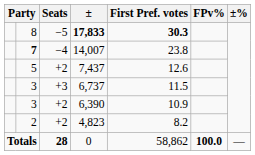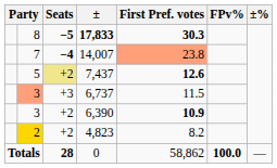 <table class=wikitable>
 <tr>
 <th colspan=2 align=center>Party</th>
 <th valign=top>Seats</th>
 <th valign=top>±</th>
 <th valign=top>First Pref. votes</th>
 <th valign=top>FPv%</th>
 <th valign=top>±%</th>
 </tr>
 <tr>
 <td></td>
 <td align=right>8</td>
-<td align=right>−5</td>
+<td align=right><strong>−5</strong></td>
 <td align=right><strong>17,833</strong></td>
 <td align=right><strong>30.3</strong></td>
 <td align=right></td>
 </tr>
 <tr>
 <td></td>
-<td align=right><strong>7</strong></td>
-<td align=right>−4</td>
+<td align=right>7</td>
+<td align=right><strong>−4</strong></td>
 <td align=right>14,007</td>
-<td align=right>23.8</td>
+<td align=right style="background: lightsalmon;">23.8</td>
 <td align=right></td>
 </tr>
 <tr>
 <td></td>
 <td align=right>5</td>
-<td align=right>+2</td>
+<td align=right style="background: khaki;">+2</td>
 <td align=right>7,437</td>
-<td align=right>12.6</td>
+<td align=right><strong>12.6</strong></td>
 <td align=right></td>
 </tr>
 <tr>
 <td></td>
-<td align=right>3</td>
+<td align=right style="background: lightsalmon;">3</td>
 <td align=right>+3</td>
 <td align=right>6,737</td>
 <td align=right>11.5</td>
 <td align=right></td>
 </tr>
 <tr>
 <td></td>
 <td align=right>3</td>
 <td align=right>+2</td>
 <td align=right>6,390</td>
-<td align=right>10.9</td>
+<td align=right><strong>10.9</strong></td>
 <td align=right></td>
 </tr>
 <tr>
 <td></td>
-<td align=right>2</td>
+<td align=right style="background: gold;">2</td>
 <td align=right>+2</td>
 <td align=right>4,823</td>
 <td align=right>8.2</td>
 <td align=right></td>
 </tr>
 <tr>
 <td colspan=2 align=center><strong>Totals</strong></td>
 <td align=right><strong>28</strong></td>
 <td align=center>0</td>
 <td align=right>58,862</td>
 <td align=center><strong>100.0</strong></td>
 <td align=center>—</td>
 </tr>
 </table>
